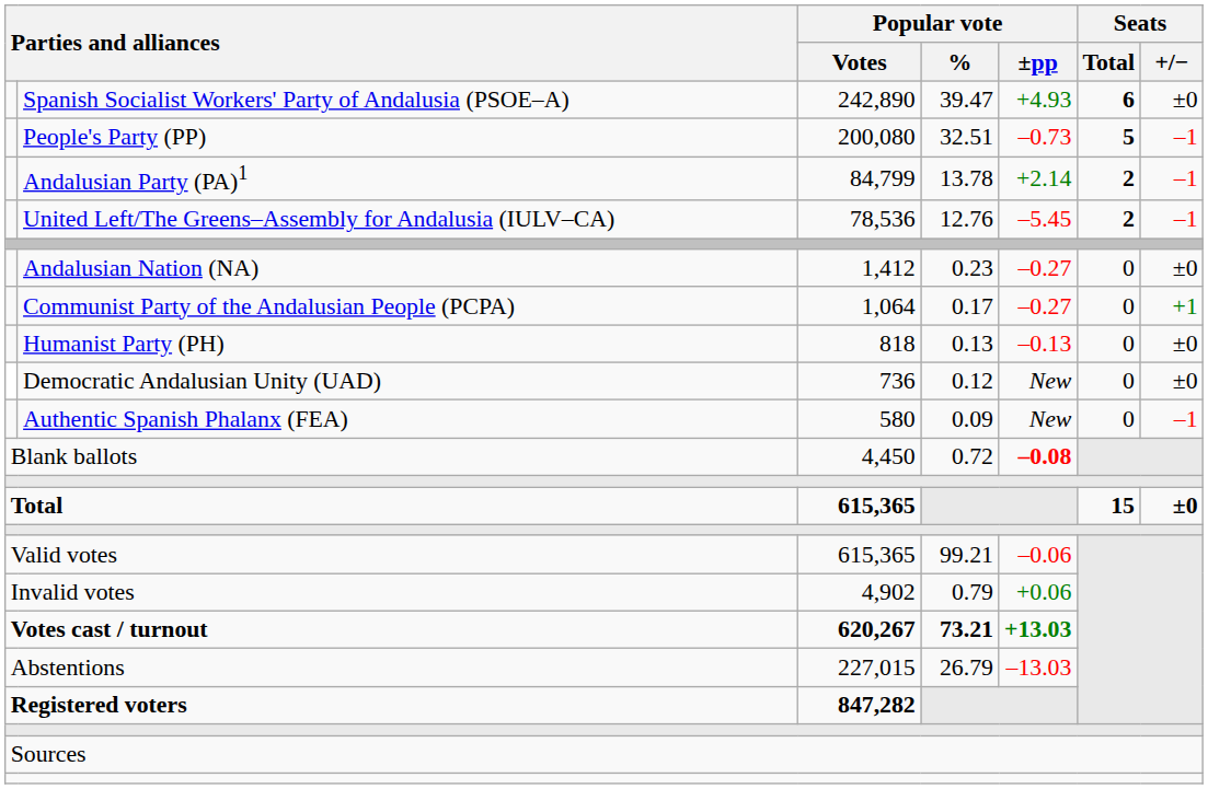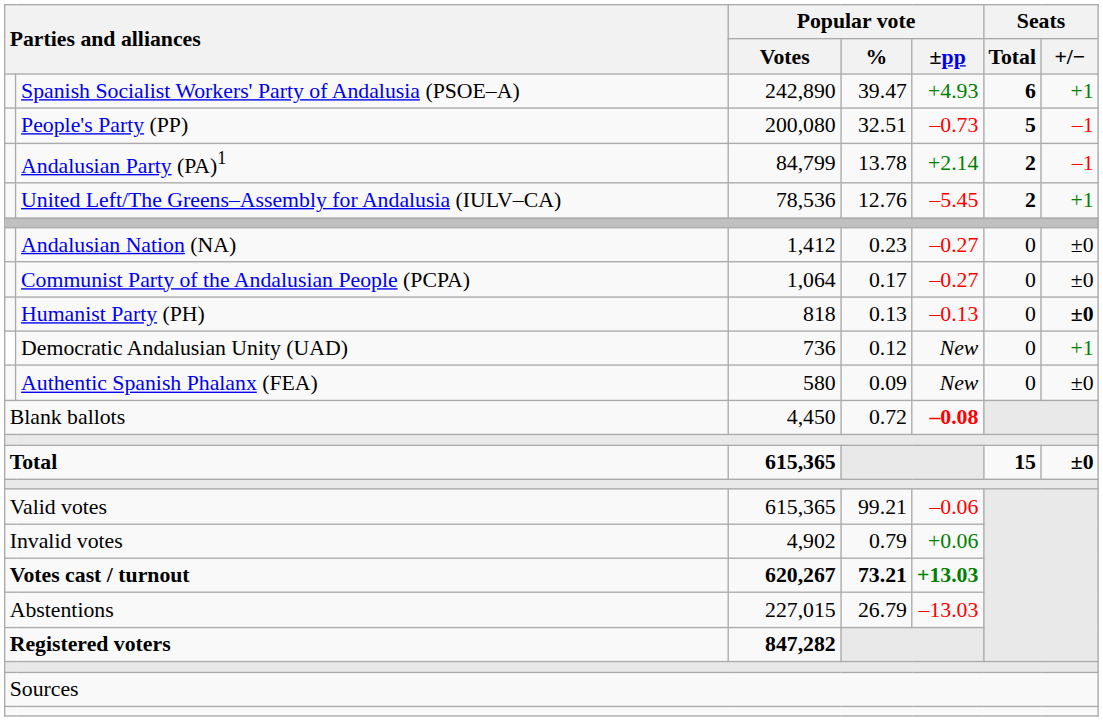 <table class="wikitable" style="text-align:right;">
 <tr>
 <th style="text-align:left;" rowspan="2" colspan="2" width="525">Parties and alliances</th>
 <th colspan="3">Popular vote</th>
 <th colspan="2">Seats</th>
 </tr>
 <tr>
 <th width="75">Votes</th>
 <th width="45">%</th>
 <th width="45">±<a href='#'>pp</a></th>
 <th width="35">Total</th>
 <th width="35">+/−</th>
 </tr>
 <tr>
 <td width="1" style="color:inherit;background:"></td>
 <td align="left"><a href='#'>Spanish Socialist Workers' Party of Andalusia</a> (PSOE–A)</td>
 <td>242,890</td>
 <td>39.47</td>
 <td style="color:green;">+4.93</td>
 <td><strong>6</strong></td>
-<td>±0</td>
+<td style="color:green;">+1</td>
 </tr>
 <tr>
 <td style="color:inherit;background:"></td>
 <td align="left"><a href='#'>People's Party</a> (PP)</td>
 <td>200,080</td>
 <td>32.51</td>
 <td style="color:red;">–0.73</td>
 <td><strong>5</strong></td>
 <td style="color:red;">–1</td>
 </tr>
 <tr>
 <td style="color:inherit;background:"></td>
 <td align="left"><a href='#'>Andalusian Party</a> (PA)<sup>1</sup></td>
 <td>84,799</td>
 <td>13.78</td>
 <td style="color:green;">+2.14</td>
 <td><strong>2</strong></td>
 <td style="color:red;">–1</td>
 </tr>
 <tr>
 <td style="color:inherit;background:"></td>
 <td align="left"><a href='#'>United Left/The Greens–Assembly for Andalusia</a> (IULV–CA)</td>
 <td>78,536</td>
 <td>12.76</td>
 <td style="color:red;">–5.45</td>
 <td><strong>2</strong></td>
-<td style="color:red;">–1</td>
+<td style="color:green;">+1</td>
 </tr>
 <tr>
 <td colspan="7" bgcolor="#C0C0C0"></td>
 </tr>
 <tr>
 <td style="color:inherit;background:"></td>
 <td align="left"><a href='#'>Andalusian Nation</a> (NA)</td>
 <td>1,412</td>
 <td>0.23</td>
 <td style="color:red;">–0.27</td>
 <td>0</td>
 <td>±0</td>
 </tr>
 <tr>
 <td style="color:inherit;background:"></td>
 <td align="left"><a href='#'>Communist Party of the Andalusian People</a> (PCPA)</td>
 <td>1,064</td>
 <td>0.17</td>
 <td style="color:red;">–0.27</td>
 <td>0</td>
-<td style="color:green;">+1</td>
+<td>±0</td>
 </tr>
 <tr>
 <td style="color:inherit;background:"></td>
 <td align="left"><a href='#'>Humanist Party</a> (PH)</td>
 <td>818</td>
 <td>0.13</td>
 <td style="color:red;">–0.13</td>
 <td>0</td>
-<td>±0</td>
+<td><strong>±0</strong></td>
 </tr>
 <tr>
 <td bgcolor="white"></td>
 <td align="left">Democratic Andalusian Unity (UAD)</td>
 <td>736</td>
 <td>0.12</td>
 <td><em>New</em></td>
 <td>0</td>
-<td>±0</td>
+<td style="color:green;">+1</td>
 </tr>
 <tr>
 <td style="color:inherit;background:"></td>
 <td align="left"><a href='#'>Authentic Spanish Phalanx</a> (FEA)</td>
 <td>580</td>
 <td>0.09</td>
 <td><em>New</em></td>
 <td>0</td>
-<td style="color:red;">–1</td>
+<td>±0</td>
 </tr>
 <tr>
 <td align="left" colspan="2">Blank ballots</td>
 <td>4,450</td>
 <td>0.72</td>
 <td style="color:red;"><strong>–0.08</strong></td>
 <td bgcolor="#E9E9E9" colspan="2"></td>
 </tr>
 <tr>
 <td colspan="7" bgcolor="#E9E9E9"></td>
 </tr>
 <tr style="font-weight:bold;">
 <td align="left" colspan="2">Total</td>
 <td>615,365</td>
 <td bgcolor="#E9E9E9" colspan="2"></td>
 <td>15</td>
 <td>±0</td>
 </tr>
 <tr>
 <td colspan="7" bgcolor="#E9E9E9"></td>
 </tr>
 <tr>
 <td align="left" colspan="2">Valid votes</td>
 <td>615,365</td>
 <td>99.21</td>
 <td style="color:red;">–0.06</td>
 <td bgcolor="#E9E9E9" colspan="2" rowspan="5"></td>
 </tr>
 <tr>
 <td align="left" colspan="2">Invalid votes</td>
 <td>4,902</td>
 <td>0.79</td>
 <td style="color:green;">+0.06</td>
 </tr>
 <tr style="font-weight:bold;">
 <td align="left" colspan="2">Votes cast / turnout</td>
 <td>620,267</td>
 <td>73.21</td>
 <td style="color:green;">+13.03</td>
 </tr>
 <tr>
 <td align="left" colspan="2">Abstentions</td>
 <td>227,015</td>
 <td>26.79</td>
 <td style="color:red;">–13.03</td>
 </tr>
 <tr style="font-weight:bold;">
 <td align="left" colspan="2">Registered voters</td>
 <td>847,282</td>
 <td bgcolor="#E9E9E9" colspan="2"></td>
 </tr>
 <tr>
 <td colspan="7" bgcolor="#E9E9E9"></td>
 </tr>
 <tr>
 <td align="left" colspan="7">Sources</td>
 </tr>
 <tr>
 <td colspan="7" style="text-align:left; max-width:790px;"></td>
 </tr>
 </table>
